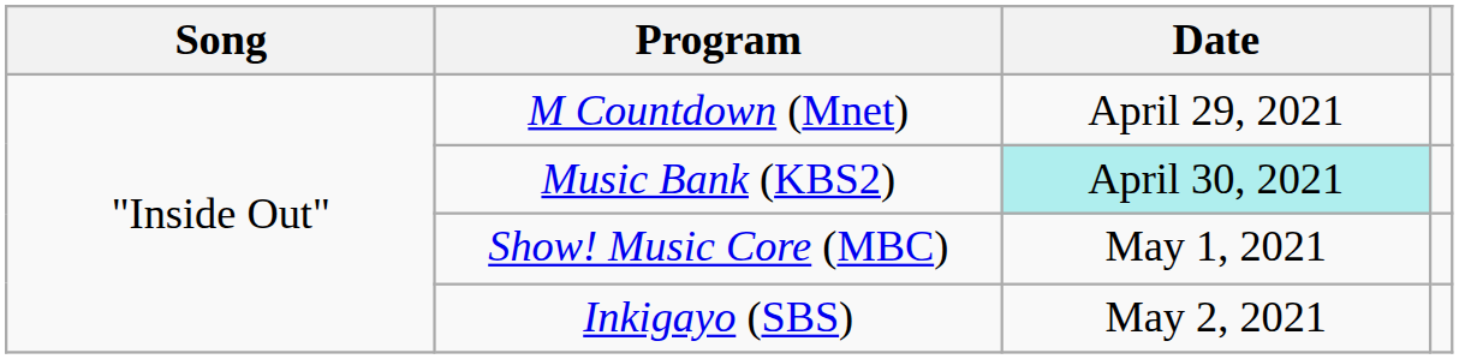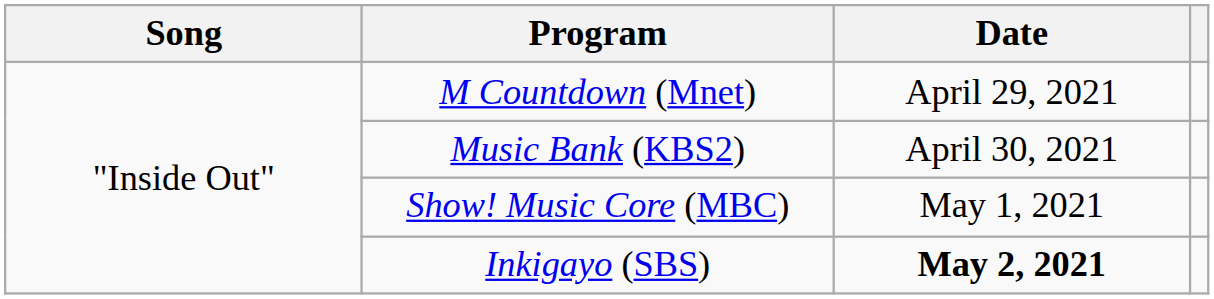 <table class="wikitable" style="text-align:center;">
 <tr>
 <th style="width:150px;">Song</th>
 <th style="width:200px;">Program</th>
 <th style="width:150px;">Date</th>
 <th></th>
 </tr>
 <tr>
 <td rowspan=4>"Inside Out"</td>
 <td><em><a href='#'>M Countdown</a></em> (<a href='#'>Mnet</a>)</td>
 <td>April 29, 2021</td>
 <td></td>
 </tr>
 <tr>
 <td><em><a href='#'>Music Bank</a></em> (<a href='#'>KBS2</a>)</td>
-<td style="background: paleturquoise;">April 30, 2021</td>
+<td>April 30, 2021</td>
 <td></td>
 </tr>
 <tr>
 <td><em><a href='#'>Show! Music Core</a></em> (<a href='#'>MBC</a>)</td>
 <td>May 1, 2021</td>
 <td></td>
 </tr>
 <tr>
 <td><em><a href='#'>Inkigayo</a></em> (<a href='#'>SBS</a>)</td>
-<td>May 2, 2021</td>
+<td><strong>May 2, 2021</strong></td>
 <td></td>
 </tr>
 </table>
